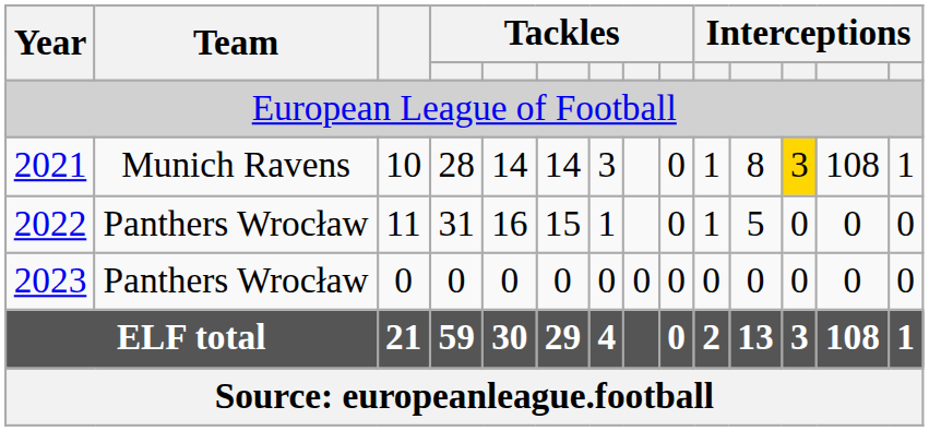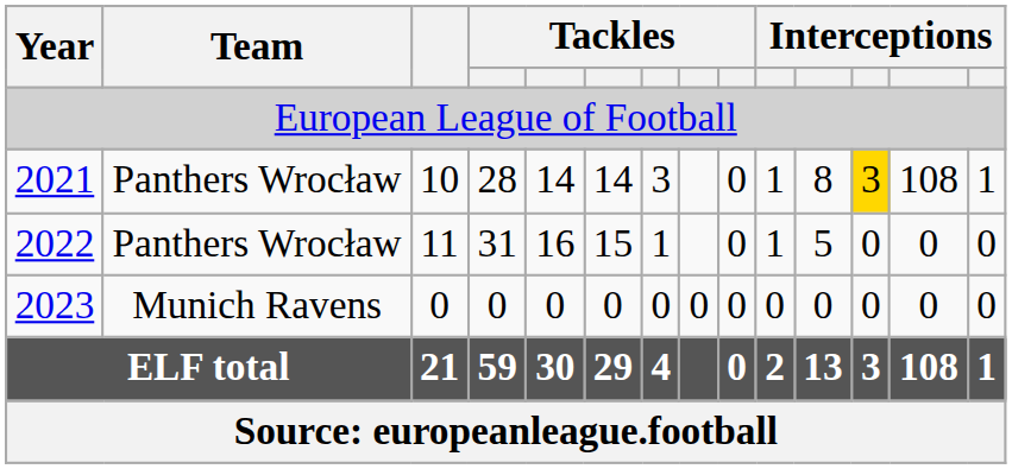 <table class="wikitable" style="text-align: center;">
 <tr>
 <th rowspan="2">Year</th>
 <th rowspan="2">Team</th>
 <th rowspan="2"></th>
 <th colspan="6">Tackles</th>
 <th colspan="5">Interceptions</th>
 </tr>
 <tr>
 <th></th>
 <th></th>
 <th></th>
 <th></th>
 <th></th>
 <th></th>
 <th></th>
 <th></th>
 <th></th>
 <th></th>
 <th></th>
 </tr>
 <tr>
 <td colspan="15" style="background-color:#D1D1D1"><a href='#'>European League of Football</a> </td>
 </tr>
 <tr>
 <td><a href='#'>2021</a></td>
-<td>Munich Ravens</td>
+<td>Panthers Wrocław</td>
 <td>10</td>
 <td>28</td>
 <td>14</td>
 <td>14</td>
 <td>3</td>
 <td></td>
 <td>0</td>
 <td>1</td>
 <td>8</td>
 <td style="background: gold;">3</td>
 <td>108</td>
 <td>1</td>
 </tr>
 <tr>
 <td><a href='#'>2022</a></td>
 <td>Panthers Wrocław</td>
 <td>11</td>
 <td>31</td>
 <td>16</td>
 <td>15</td>
 <td>1</td>
 <td></td>
 <td>0</td>
 <td>1</td>
 <td>5</td>
 <td>0</td>
 <td>0</td>
 <td>0</td>
 </tr>
 <tr>
 <td><a href='#'>2023</a></td>
-<td>Panthers Wrocław</td>
+<td>Munich Ravens</td>
 <td>0</td>
 <td>0</td>
 <td>0</td>
 <td>0</td>
 <td>0</td>
 <td>0</td>
 <td>0</td>
 <td>0</td>
 <td>0</td>
 <td>0</td>
 <td>0</td>
 <td>0</td>
 </tr>
 <tr style="background:#555555; font-weight:bold; color:white;">
 <td colspan="2">ELF total</td>
 <td>21</td>
 <td>59</td>
 <td>30</td>
 <td>29</td>
 <td>4</td>
 <td></td>
 <td>0</td>
 <td>2</td>
 <td>13</td>
 <td>3</td>
 <td>108</td>
 <td>1</td>
 </tr>
 <tr>
 <th colspan="15">Source: europeanleague.football</th>
 </tr>
 </table>
